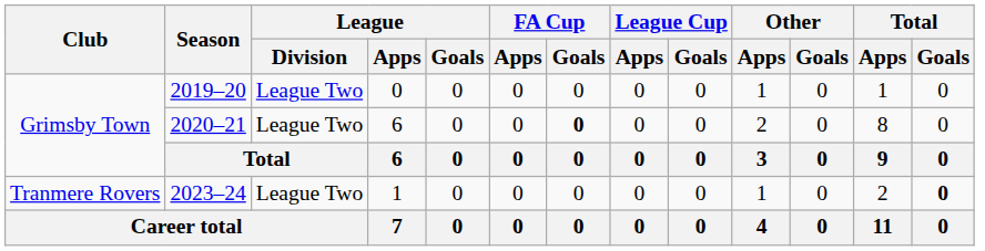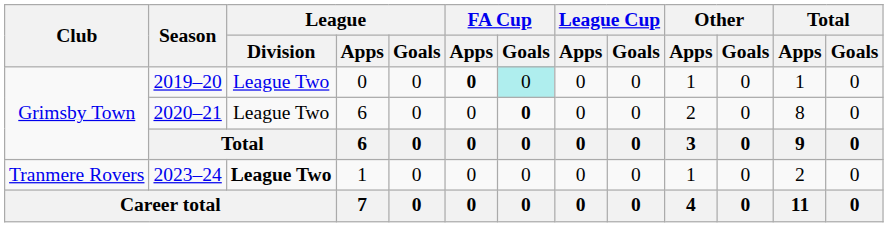 <table class="wikitable" style="text-align: center">
 <tr>
 <th rowspan="2">Club</th>
 <th rowspan="2">Season</th>
 <th colspan="3">League</th>
 <th colspan="2"><a href='#'>FA Cup</a></th>
 <th colspan="2"><a href='#'>League Cup</a></th>
 <th colspan="2">Other</th>
 <th colspan="2">Total</th>
 </tr>
 <tr>
 <th>Division</th>
 <th>Apps</th>
 <th>Goals</th>
 <th>Apps</th>
 <th>Goals</th>
 <th>Apps</th>
 <th>Goals</th>
 <th>Apps</th>
 <th>Goals</th>
 <th>Apps</th>
 <th>Goals</th>
 </tr>
 <tr>
 <td rowspan="3"><a href='#'>Grimsby Town</a></td>
 <td><a href='#'>2019–20</a></td>
 <td><a href='#'>League Two</a></td>
 <td>0</td>
 <td>0</td>
-<td>0</td>
-<td>0</td>
+<td><strong>0</strong></td>
+<td style="background: paleturquoise;">0</td>
 <td>0</td>
 <td>0</td>
 <td>1</td>
 <td>0</td>
 <td>1</td>
 <td>0</td>
 </tr>
 <tr>
 <td><a href='#'>2020–21</a></td>
 <td>League Two</td>
 <td>6</td>
 <td>0</td>
 <td>0</td>
 <td><strong>0</strong></td>
 <td>0</td>
 <td>0</td>
 <td>2</td>
 <td>0</td>
 <td>8</td>
 <td>0</td>
 </tr>
 <tr>
 <th colspan="2">Total</th>
 <th>6</th>
 <th>0</th>
 <th>0</th>
 <th>0</th>
 <th>0</th>
 <th>0</th>
 <th>3</th>
 <th>0</th>
 <th>9</th>
 <th>0</th>
 </tr>
 <tr>
 <td><a href='#'>Tranmere Rovers</a></td>
 <td><a href='#'>2023–24</a></td>
-<td>League Two</td>
+<td><strong>League Two</strong></td>
 <td>1</td>
 <td>0</td>
 <td>0</td>
 <td>0</td>
 <td>0</td>
 <td>0</td>
 <td>1</td>
 <td>0</td>
 <td>2</td>
-<td><strong>0</strong></td>
+<td>0</td>
 </tr>
 <tr>
 <th colspan="3">Career total</th>
 <th>7</th>
 <th>0</th>
 <th>0</th>
 <th>0</th>
 <th>0</th>
 <th>0</th>
 <th>4</th>
 <th>0</th>
 <th>11</th>
 <th>0</th>
 </tr>
 </table>
